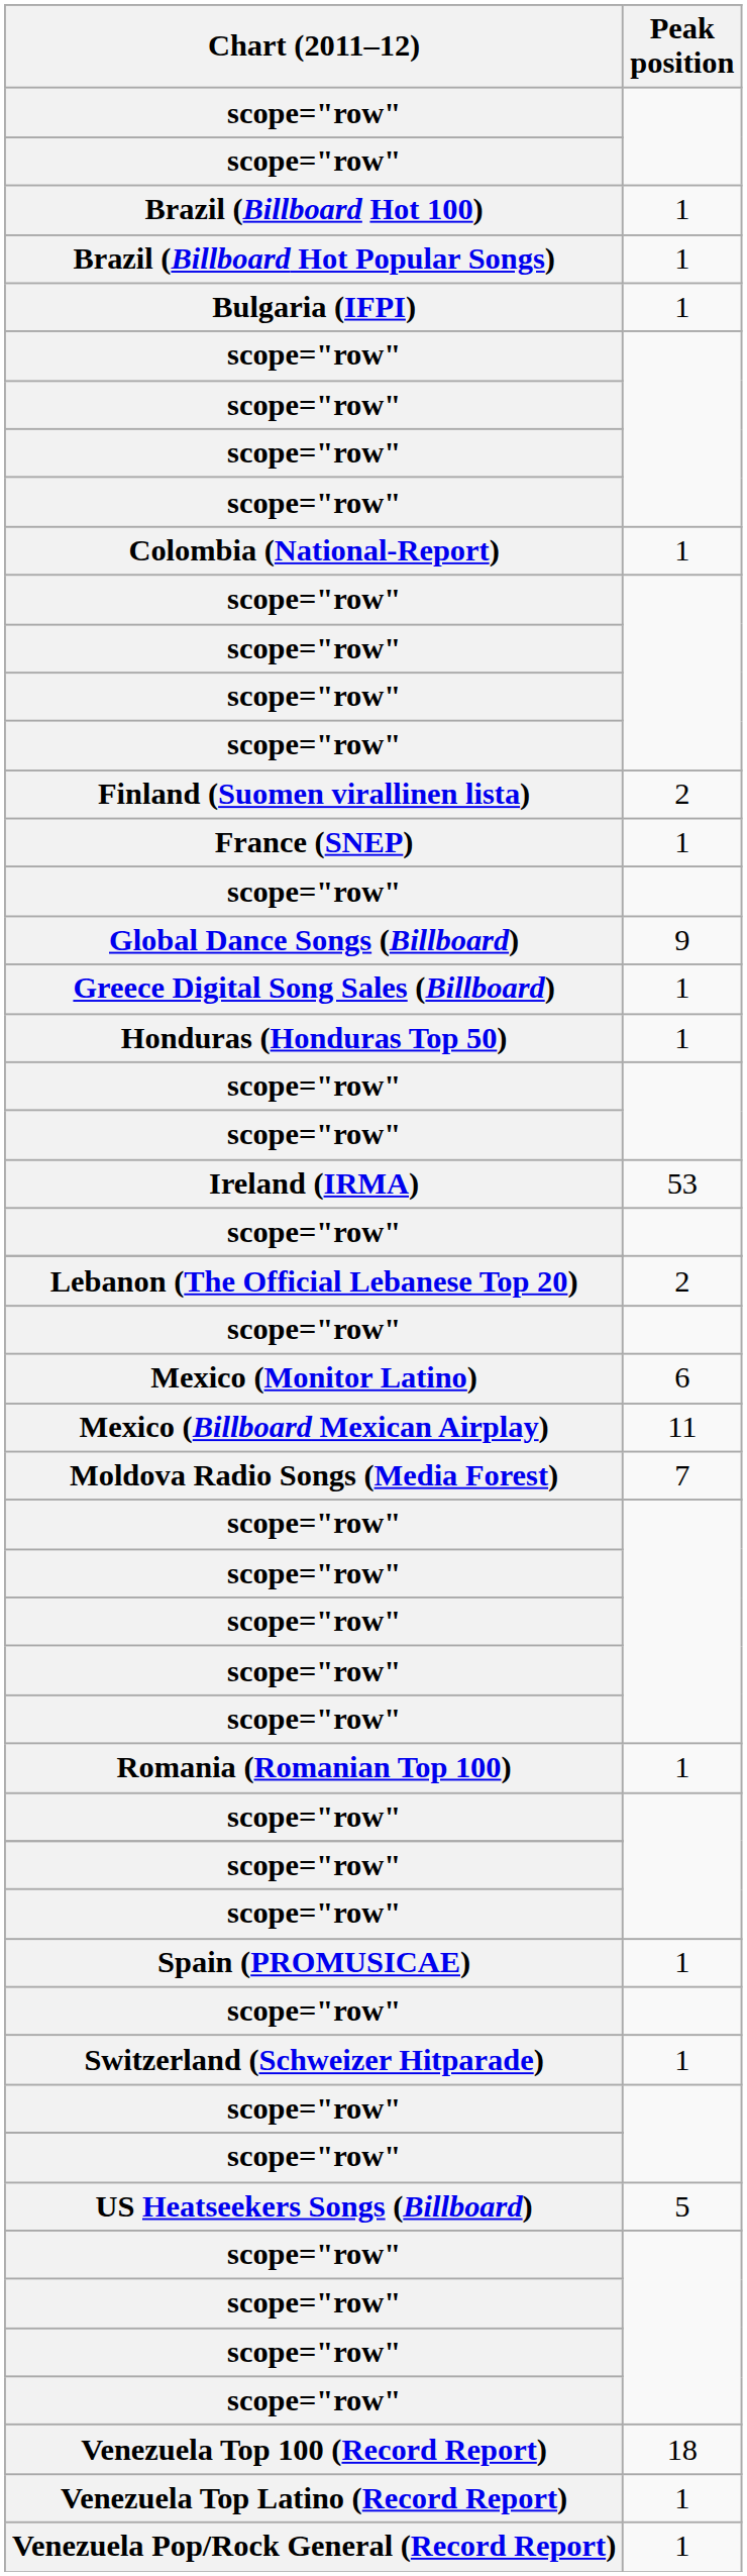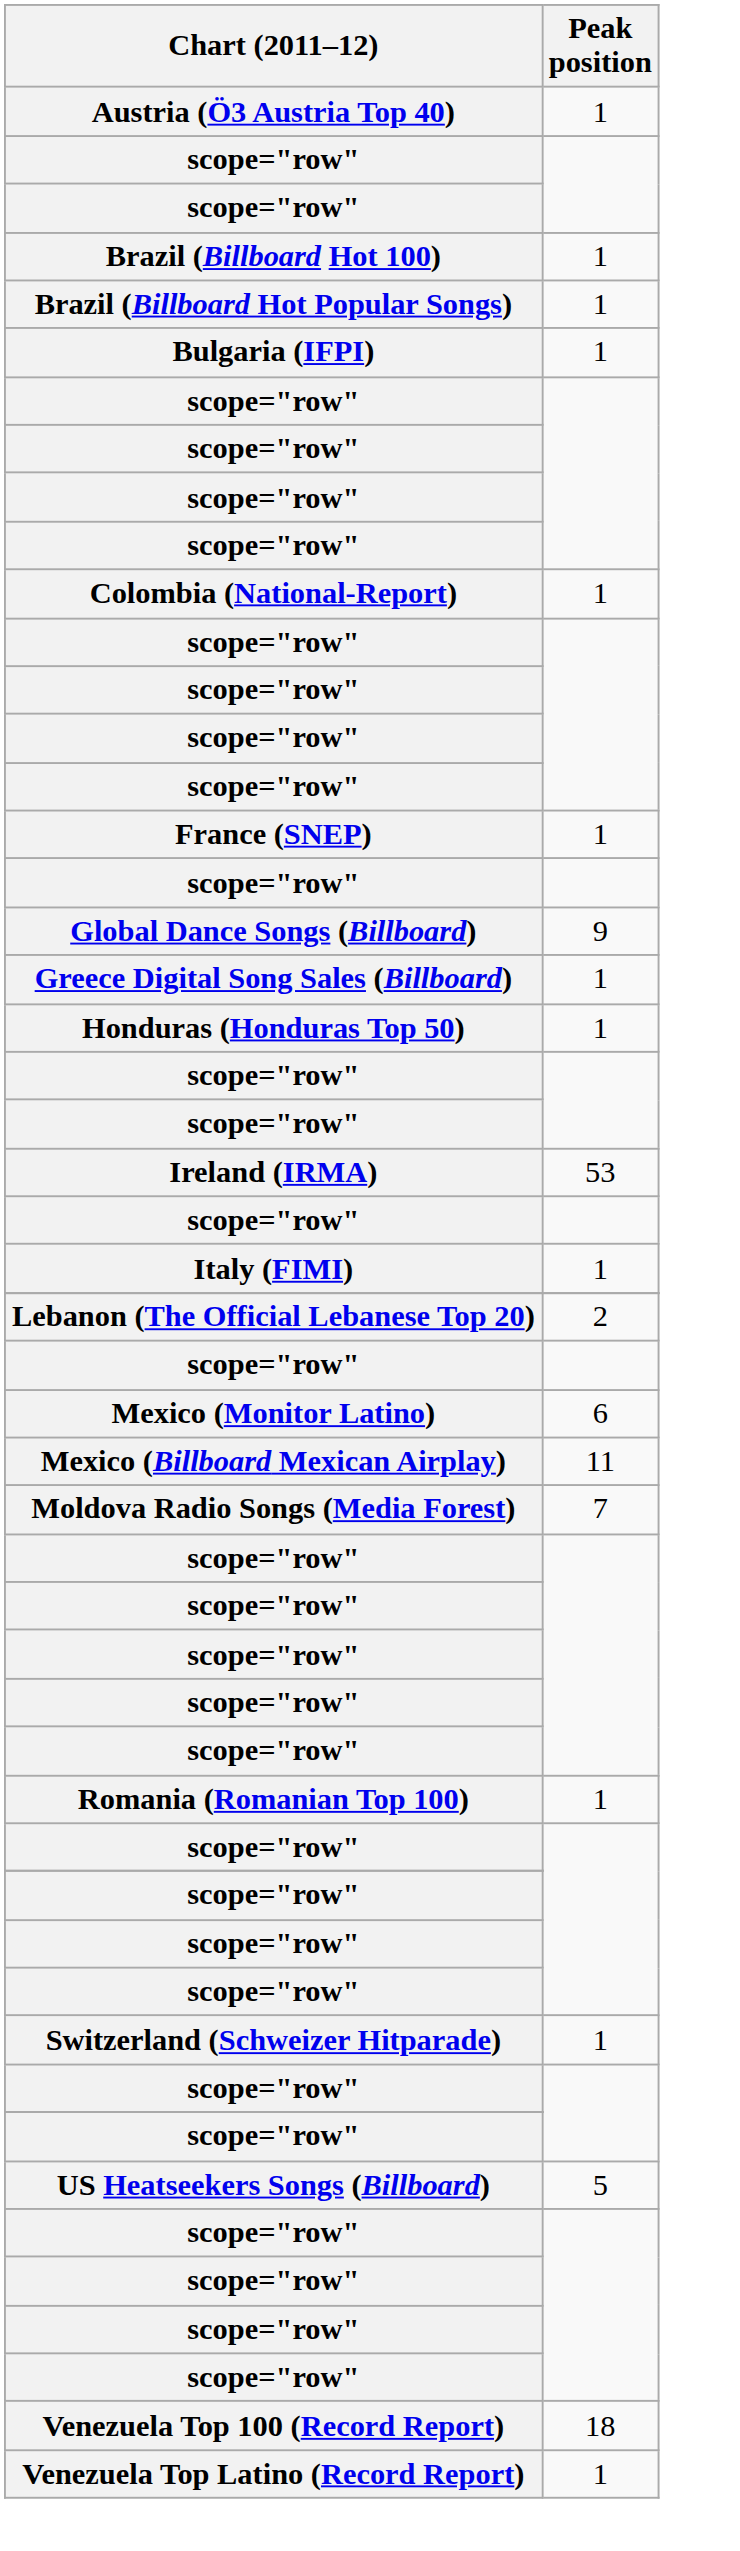 <table class="wikitable sortable plainrowheaders" style="text-align:center;">
 <tr>
 <th scope="col">Chart (2011–12)</th>
 <th scope="col">Peak<br>position</th>
+</tr>
+<tr>
+<th scope="row">Austria (<a href='#'>Ö3 Austria Top 40</a>)</th>
+<td>1</td>
 </tr>
 <tr>
 <th>scope="row" </th>
 </tr>
 <tr>
 <th>scope="row" </th>
 </tr>
 <tr>
 <th scope="row">Brazil (<em><a href='#'>Billboard</a></em> <a href='#'>Hot 100</a>)</th>
 <td>1</td>
 </tr>
 <tr>
 <th scope="row">Brazil (<a href='#'><em>Billboard</em> Hot Popular Songs</a>)</th>
 <td>1</td>
 </tr>
 <tr>
 <th scope="row">Bulgaria (<a href='#'>IFPI</a>)</th>
 <td>1</td>
 </tr>
 <tr>
 <th>scope="row" </th>
 </tr>
 <tr>
 <th>scope="row" </th>
 </tr>
 <tr>
 <th>scope="row" </th>
 </tr>
 <tr>
 <th>scope="row" </th>
 </tr>
 <tr>
 <th scope="row">Colombia (<a href='#'>National-Report</a>)</th>
 <td>1</td>
 </tr>
 <tr>
 <th>scope="row" </th>
 </tr>
 <tr>
 <th>scope="row" </th>
 </tr>
 <tr>
 <th>scope="row" </th>
 </tr>
 <tr>
 <th>scope="row" </th>
 </tr>
 <tr>
-<th scope="row">Finland (<a href='#'>Suomen virallinen lista</a>)</th>
-<td style="text-align:center;">2</td>
-</tr>
-<tr>
 <th scope="row">France (<a href='#'>SNEP</a>)</th>
 <td style="text-align:center;">1</td>
 </tr>
 <tr>
 <th>scope="row" </th>
 </tr>
 <tr>
 <th scope="row"><a href='#'>Global Dance Songs</a> (<em><a href='#'>Billboard</a></em>)</th>
 <td style="text-align:center;">9</td>
 </tr>
 <tr>
 <th scope="row"><a href='#'>Greece Digital Song Sales</a> (<em><a href='#'>Billboard</a></em>)</th>
 <td style="text-align:center;">1</td>
 </tr>
 <tr>
 <th scope="row">Honduras (<a href='#'>Honduras Top 50</a>)</th>
 <td>1</td>
 </tr>
 <tr>
 <th>scope="row" </th>
 </tr>
 <tr>
 <th>scope="row" </th>
 </tr>
 <tr>
 <th scope="row">Ireland (<a href='#'>IRMA</a>)</th>
 <td>53</td>
 </tr>
 <tr>
 <th>scope="row" </th>
+</tr>
+<tr>
+<th scope="row">Italy (<a href='#'>FIMI</a>)</th>
+<td>1</td>
 </tr>
 <tr>
 </tr>
 <tr>
 <th scope="row">Lebanon (<a href='#'>The Official Lebanese Top 20</a>)</th>
 <td>2</td>
 </tr>
 <tr>
 <th>scope="row" </th>
 </tr>
 <tr>
 <th scope="row">Mexico (<a href='#'>Monitor Latino</a>)</th>
 <td>6</td>
 </tr>
 <tr>
 <th scope="row">Mexico (<a href='#'><em>Billboard</em> Mexican Airplay</a>)</th>
 <td style="text-align:center;">11</td>
 </tr>
 <tr>
 <th scope="row">Moldova Radio Songs (<a href='#'>Media Forest</a>)</th>
 <td style="text-align:center;">7</td>
 </tr>
 <tr>
 <th>scope="row" </th>
 </tr>
 <tr>
 <th>scope="row" </th>
 </tr>
 <tr>
 <th>scope="row" </th>
 </tr>
 <tr>
 <th>scope="row" </th>
 </tr>
 <tr>
 <th>scope="row" </th>
 </tr>
 <tr>
 <th scope="row">Romania (<a href='#'>Romanian Top 100</a>)</th>
 <td>1</td>
 </tr>
 <tr>
 <th>scope="row"</th>
 </tr>
 <tr>
 </tr>
 <tr>
 </tr>
 <tr>
 <th>scope="row" </th>
 </tr>
 <tr>
 <th>scope="row" </th>
 </tr>
 <tr>
-<th scope="row">Spain (<a href='#'>PROMUSICAE</a>)</th>
-<td>1</td>
-</tr>
-<tr>
 <th>scope="row" </th>
 </tr>
 <tr>
 <th scope="row">Switzerland (<a href='#'>Schweizer Hitparade</a>)</th>
 <td>1</td>
 </tr>
 <tr>
 <th>scope="row" </th>
 </tr>
 <tr>
 </tr>
 <tr>
 <th>scope="row" </th>
 </tr>
 <tr>
 <th scope="row">US <a href='#'>Heatseekers Songs</a> (<em><a href='#'>Billboard</a></em>)</th>
 <td>5</td>
 </tr>
 <tr>
 <th>scope="row" </th>
 </tr>
 <tr>
 <th>scope="row" </th>
 </tr>
 <tr>
 <th>scope="row" </th>
 </tr>
 <tr>
 <th>scope="row" </th>
 </tr>
 <tr>
 <th scope="row">Venezuela Top 100 (<a href='#'>Record Report</a>)</th>
 <td>18</td>
 </tr>
 <tr>
 <th scope="row">Venezuela Top Latino (<a href='#'>Record Report</a>)</th>
 <td>1</td>
 </tr>
-<tr>
-<th scope="row">Venezuela Pop/Rock General (<a href='#'>Record Report</a>)</th>
-<td>1</td>
-</tr>
 </table>
